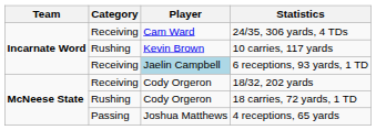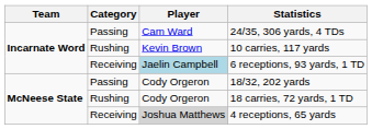 <table class="wikitable" style="float: left;">
 <tr>
 <th>Team</th>
 <th>Category</th>
 <th>Player</th>
 <th>Statistics</th>
 </tr>
 <tr>
 <td rowspan=3><strong>Incarnate Word</strong></td>
-<td>Receiving</td>
+<td>Passing</td>
 <td><a href='#'>Cam Ward</a></td>
 <td>24/35, 306 yards, 4 TDs</td>
 </tr>
 <tr>
 <td>Rushing</td>
 <td><a href='#'>Kevin Brown</a></td>
 <td>10 carries, 117 yards</td>
 </tr>
 <tr>
 <td>Receiving</td>
 <td style="background: lightblue;">Jaelin Campbell</td>
 <td>6 receptions, 93 yards, 1 TD</td>
 </tr>
 <tr>
 <td rowspan=3><strong>McNeese State</strong></td>
-<td>Receiving</td>
+<td>Passing</td>
 <td>Cody Orgeron</td>
 <td>18/32, 202 yards</td>
 </tr>
 <tr>
 <td>Rushing</td>
 <td>Cody Orgeron</td>
 <td>18 carries, 72 yards, 1 TD</td>
 </tr>
 <tr>
-<td>Passing</td>
-<td>Joshua Matthews</td>
+<td>Receiving</td>
+<td style="background: lightgrey;">Joshua Matthews</td>
 <td>4 receptions, 65 yards</td>
 </tr>
 </table>
